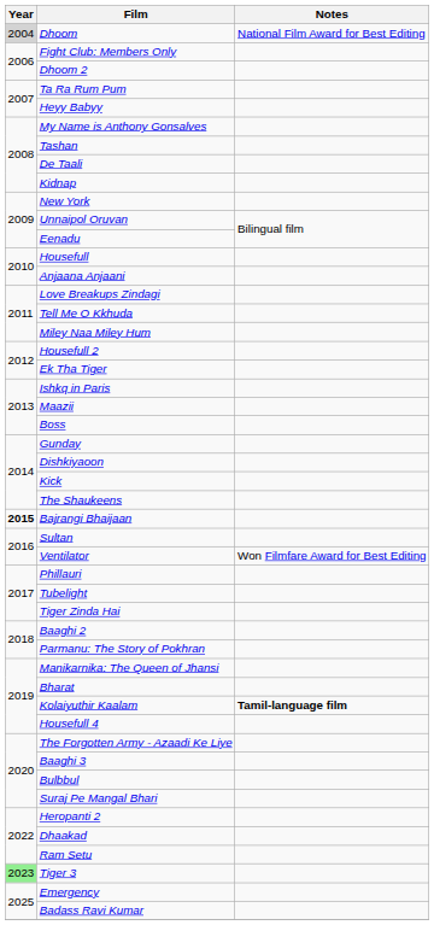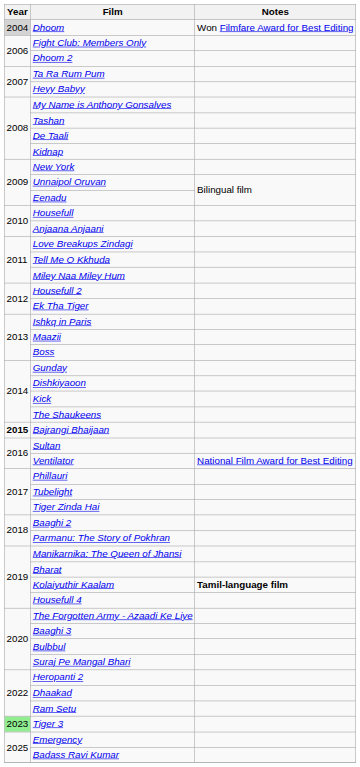 <table class="wikitable">
 <tr>
 <th>Year</th>
 <th>Film</th>
 <th>Notes</th>
 </tr>
 <tr>
 <td style="background: lightgrey;">2004</td>
 <td><em><a href='#'>Dhoom</a></em></td>
-<td><a href='#'>National Film Award for Best Editing</a></td>
+<td>Won <a href='#'>Filmfare Award for Best Editing</a></td>
 </tr>
 <tr>
 <td rowspan="2">2006</td>
 <td><em><a href='#'>Fight Club: Members Only</a></em></td>
 <td></td>
 </tr>
 <tr>
 <td><em><a href='#'>Dhoom 2</a></em></td>
 <td></td>
 </tr>
 <tr>
 <td rowspan="2">2007</td>
 <td><em><a href='#'>Ta Ra Rum Pum</a></em></td>
 <td></td>
 </tr>
 <tr>
 <td><em><a href='#'>Heyy Babyy</a></em></td>
 <td></td>
 </tr>
 <tr>
 <td rowspan="4">2008</td>
 <td><em><a href='#'>My Name is Anthony Gonsalves</a></em></td>
 <td></td>
 </tr>
 <tr>
 <td><em><a href='#'>Tashan</a></em></td>
 <td></td>
 </tr>
 <tr>
 <td><em><a href='#'>De Taali</a></em></td>
 <td></td>
 </tr>
 <tr>
 <td><em><a href='#'>Kidnap</a></em></td>
 <td></td>
 </tr>
 <tr>
 <td rowspan="3">2009</td>
 <td><em><a href='#'>New York</a></em></td>
 <td></td>
 </tr>
 <tr>
 <td><em><a href='#'>Unnaipol Oruvan</a></em></td>
 <td rowspan="2">Bilingual film</td>
 </tr>
 <tr>
 <td><a href='#'><em>Eenadu</em></a></td>
 </tr>
 <tr>
 <td rowspan="2">2010</td>
 <td><em><a href='#'>Housefull</a></em></td>
 <td></td>
 </tr>
 <tr>
 <td><em><a href='#'>Anjaana Anjaani</a></em></td>
 <td></td>
 </tr>
 <tr>
 <td rowspan="3">2011</td>
 <td><em><a href='#'>Love Breakups Zindagi</a></em></td>
 <td></td>
 </tr>
 <tr>
 <td><em><a href='#'>Tell Me O Kkhuda</a></em></td>
 <td></td>
 </tr>
 <tr>
 <td><em><a href='#'>Miley Naa Miley Hum</a></em></td>
 <td></td>
 </tr>
 <tr>
 <td rowspan="2">2012</td>
 <td><em><a href='#'>Housefull 2</a></em></td>
 <td></td>
 </tr>
 <tr>
 <td><em><a href='#'>Ek Tha Tiger</a></em></td>
 <td></td>
 </tr>
 <tr>
 <td rowspan="3">2013</td>
 <td><em><a href='#'>Ishkq in Paris</a></em></td>
 <td></td>
 </tr>
 <tr>
 <td><em><a href='#'>Maazii</a></em></td>
 <td></td>
 </tr>
 <tr>
 <td><em><a href='#'>Boss</a></em></td>
 <td></td>
 </tr>
 <tr>
 <td rowspan="4">2014</td>
 <td><em><a href='#'>Gunday</a></em></td>
 <td></td>
 </tr>
 <tr>
 <td><em><a href='#'>Dishkiyaoon</a></em></td>
 <td></td>
 </tr>
 <tr>
 <td><em><a href='#'>Kick</a></em></td>
 <td></td>
 </tr>
 <tr>
 <td><em><a href='#'>The Shaukeens</a></em></td>
 <td></td>
 </tr>
 <tr>
 <td><strong>2015</strong></td>
 <td><em><a href='#'>Bajrangi Bhaijaan</a></em></td>
 <td></td>
 </tr>
 <tr>
 <td rowspan="2">2016</td>
 <td><em><a href='#'>Sultan</a></em></td>
 <td></td>
 </tr>
 <tr>
 <td><em><a href='#'>Ventilator</a></em></td>
-<td>Won <a href='#'>Filmfare Award for Best Editing</a></td>
+<td><a href='#'>National Film Award for Best Editing</a></td>
 </tr>
 <tr>
 <td rowspan="3">2017</td>
 <td><em><a href='#'>Phillauri</a></em></td>
 <td></td>
 </tr>
 <tr>
 <td><em><a href='#'>Tubelight</a></em></td>
 <td></td>
 </tr>
 <tr>
 <td><em><a href='#'>Tiger Zinda Hai</a></em></td>
 <td></td>
 </tr>
 <tr>
 <td rowspan="2">2018</td>
 <td><em><a href='#'>Baaghi 2</a></em></td>
 <td></td>
 </tr>
 <tr>
 <td><em><a href='#'>Parmanu: The Story of Pokhran</a></em></td>
 <td></td>
 </tr>
 <tr>
 <td rowspan="4">2019</td>
 <td><em><a href='#'>Manikarnika: The Queen of Jhansi</a></em></td>
 <td></td>
 </tr>
 <tr>
 <td><em><a href='#'>Bharat</a></em></td>
 <td></td>
 </tr>
 <tr>
 <td><em><a href='#'>Kolaiyuthir Kaalam</a></em></td>
 <td><strong>Tamil-language film</strong></td>
 </tr>
 <tr>
 <td><em><a href='#'>Housefull 4</a></em></td>
 <td></td>
 </tr>
 <tr>
 <td rowspan="4">2020</td>
 <td><em><a href='#'>The Forgotten Army - Azaadi Ke Liye</a></em></td>
 <td></td>
 </tr>
 <tr>
 <td><em><a href='#'>Baaghi 3</a></em></td>
 <td></td>
 </tr>
 <tr>
 <td><em><a href='#'>Bulbbul</a></em></td>
 <td></td>
 </tr>
 <tr>
 <td><em><a href='#'>Suraj Pe Mangal Bhari</a></em></td>
 <td></td>
 </tr>
 <tr>
 <td rowspan="3">2022</td>
 <td><em><a href='#'>Heropanti 2</a></em></td>
 <td></td>
 </tr>
 <tr>
 <td><em><a href='#'>Dhaakad</a></em></td>
 <td></td>
 </tr>
 <tr>
 <td><em><a href='#'>Ram Setu</a></em></td>
 </tr>
 <tr>
 <td style="background: lightgreen;">2023</td>
 <td><em><a href='#'>Tiger 3</a></em></td>
 <td></td>
 </tr>
 <tr>
 <td rowspan="2">2025</td>
 <td><em><a href='#'>Emergency</a></em></td>
 <td></td>
 </tr>
 <tr>
 <td><em><a href='#'>Badass Ravi Kumar</a></em></td>
 <td></td>
 </tr>
 <tr>
 </tr>
 </table>
